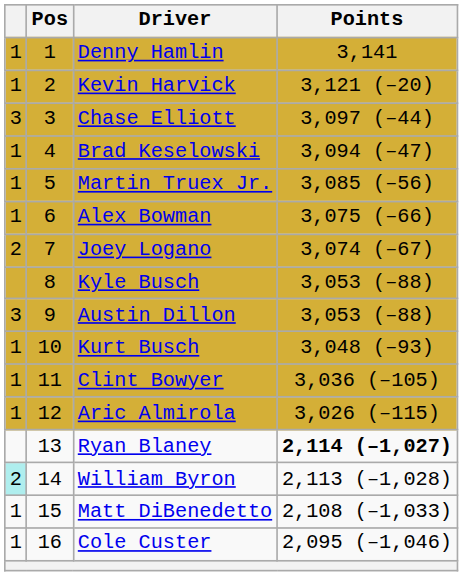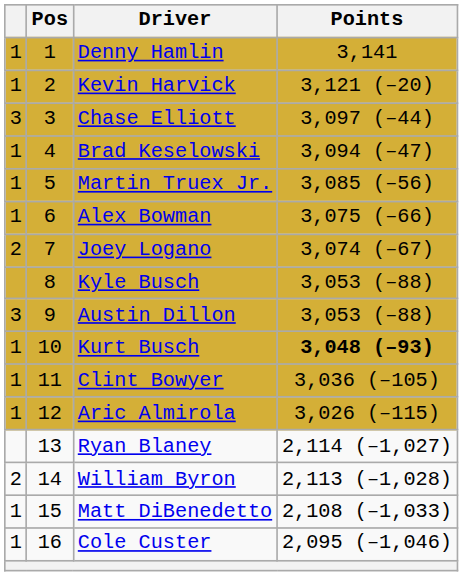 <table class="wikitable" style="font-size: 95%">
 <tr>
 <th></th>
 <th>Pos</th>
 <th>Driver</th>
 <th>Points</th>
 </tr>
 <tr style="background:#D4AF37;">
 <td align="left"> 1</td>
 <td style="text-align:center;">1</td>
 <td><a href='#'>Denny Hamlin</a></td>
 <td style="text-align:center;">3,141</td>
 </tr>
 <tr style="background:#D4AF37;">
 <td align="left"> 1</td>
 <td style="text-align:center;">2</td>
 <td><a href='#'>Kevin Harvick</a></td>
 <td style="text-align:center;">3,121 (–20)</td>
 </tr>
 <tr style="background:#D4AF37;">
 <td align="left"> 3</td>
 <td style="text-align:center;">3</td>
 <td><a href='#'>Chase Elliott</a></td>
 <td style="text-align:center;">3,097 (–44)</td>
 </tr>
 <tr style="background:#D4AF37;">
 <td align="left"> 1</td>
 <td style="text-align:center;">4</td>
 <td><a href='#'>Brad Keselowski</a></td>
 <td style="text-align:center;">3,094 (–47)</td>
 </tr>
 <tr style="background:#D4AF37;">
 <td align="left"> 1</td>
 <td style="text-align:center;">5</td>
 <td><a href='#'>Martin Truex Jr.</a></td>
 <td style="text-align:center;">3,085 (–56)</td>
 </tr>
 <tr style="background:#D4AF37;">
 <td align="left"> 1</td>
 <td style="text-align:center;">6</td>
 <td><a href='#'>Alex Bowman</a></td>
 <td style="text-align:center;">3,075 (–66)</td>
 </tr>
 <tr style="background:#D4AF37;">
 <td align="left"> 2</td>
 <td style="text-align:center;">7</td>
 <td><a href='#'>Joey Logano</a></td>
 <td style="text-align:center;">3,074 (–67)</td>
 </tr>
 <tr style="background:#D4AF37;">
 <td align="left"></td>
 <td style="text-align:center;">8</td>
 <td><a href='#'>Kyle Busch</a></td>
 <td style="text-align:center;">3,053 (–88)</td>
 </tr>
 <tr style="background:#D4AF37;">
 <td align="left"> 3</td>
 <td style="text-align:center;">9</td>
 <td><a href='#'>Austin Dillon</a></td>
 <td style="text-align:center;">3,053 (–88)</td>
 </tr>
 <tr style="background:#D4AF37;">
 <td align="left"> 1</td>
 <td style="text-align:center;">10</td>
 <td><a href='#'>Kurt Busch</a></td>
-<td style="text-align:center;">3,048 (–93)</td>
+<td style="text-align:center;"><strong>3,048 (–93)</strong></td>
 </tr>
 <tr style="background:#D4AF37;">
 <td align="left"> 1</td>
 <td style="text-align:center;">11</td>
 <td><a href='#'>Clint Bowyer</a></td>
 <td style="text-align:center;">3,036 (–105)</td>
 </tr>
 <tr style="background:#D4AF37;">
 <td align="left"> 1</td>
 <td style="text-align:center;">12</td>
 <td><a href='#'>Aric Almirola</a></td>
 <td style="text-align:center;">3,026 (–115)</td>
 </tr>
 <tr>
 <td align="left"></td>
 <td style="text-align:center;">13</td>
 <td><a href='#'>Ryan Blaney</a></td>
-<td style="text-align:center;"><strong>2,114 (–1,027)</strong></td>
+<td style="text-align:center;">2,114 (–1,027)</td>
 </tr>
 <tr>
-<td align="left" style="background: paleturquoise;"> 2</td>
+<td align="left"> 2</td>
 <td style="text-align:center;">14</td>
 <td><a href='#'>William Byron</a></td>
 <td style="text-align:center;">2,113 (–1,028)</td>
 </tr>
 <tr>
 <td align="left"> 1</td>
 <td style="text-align:center;">15</td>
 <td><a href='#'>Matt DiBenedetto</a></td>
 <td style="text-align:center;">2,108 (–1,033)</td>
 </tr>
 <tr>
 <td align="left"> 1</td>
 <td style="text-align:center;">16</td>
 <td><a href='#'>Cole Custer</a></td>
 <td style="text-align:center;">2,095 (–1,046)</td>
 </tr>
 <tr class="sortbottom">
 <th colspan="9"></th>
 </tr>
 </table>
